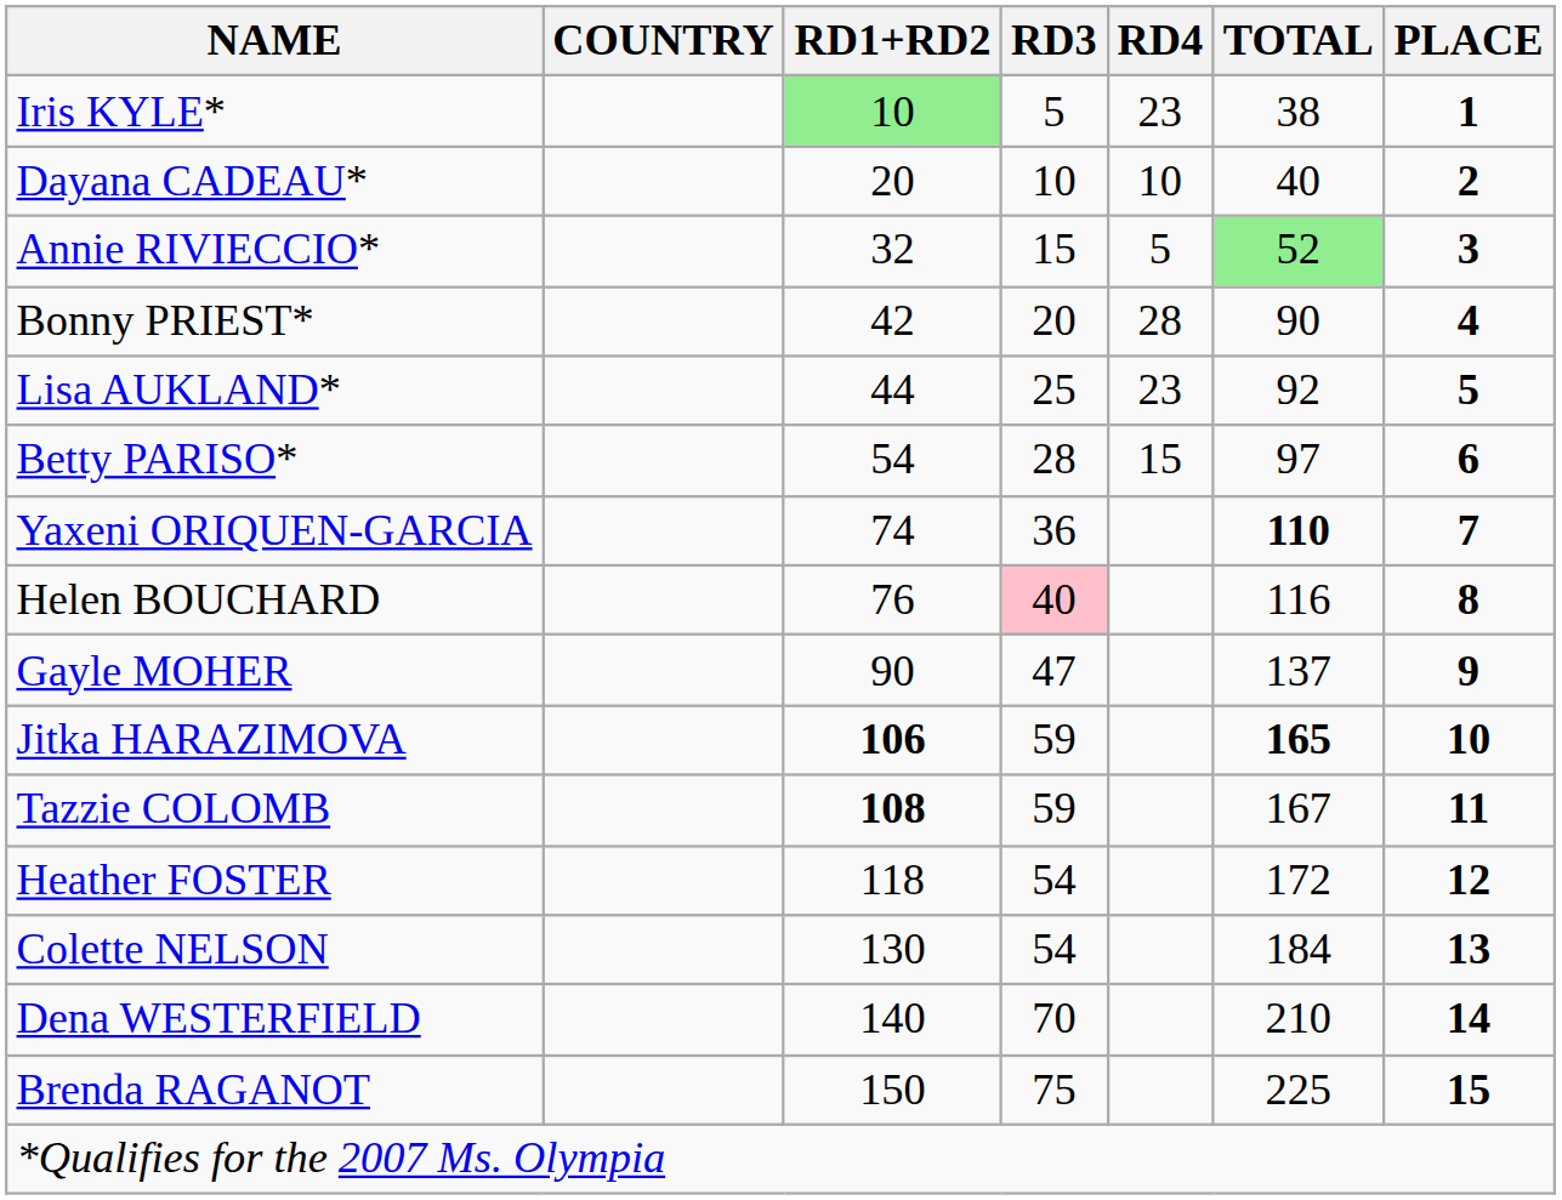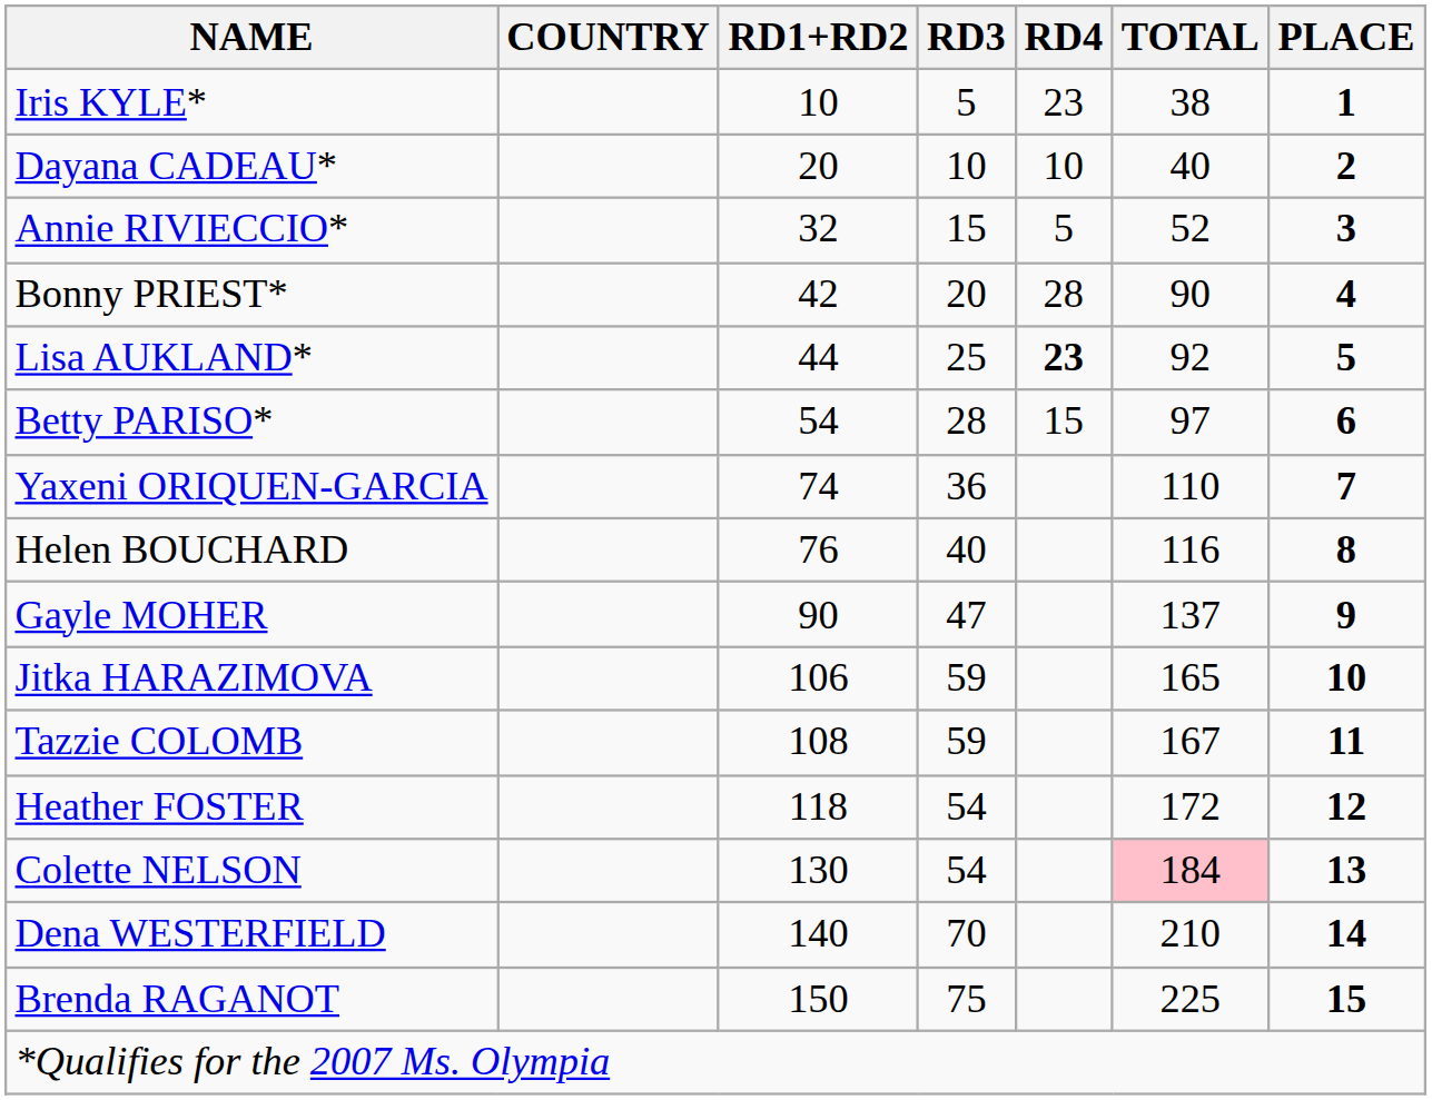 <table class="wikitable">
 <tr>
 <th>NAME</th>
 <th>COUNTRY</th>
 <th>RD1+RD2</th>
 <th>RD3</th>
 <th>RD4</th>
 <th>TOTAL</th>
 <th>PLACE</th>
 </tr>
 <tr>
 <td><a href='#'>Iris KYLE</a>*</td>
 <td></td>
-<td align="center" style="background: lightgreen;">10</td>
+<td align="center">10</td>
 <td align="center">5</td>
 <td align="center">23</td>
 <td align="center">38</td>
 <td align="center"><strong>1</strong></td>
 </tr>
 <tr>
 <td><a href='#'>Dayana CADEAU</a>*</td>
 <td></td>
 <td align="center">20</td>
 <td align="center">10</td>
 <td align="center">10</td>
 <td align="center">40</td>
 <td align="center"><strong>2</strong></td>
 </tr>
 <tr>
 <td><a href='#'>Annie RIVIECCIO</a>*</td>
 <td></td>
 <td align="center">32</td>
 <td align="center">15</td>
 <td align="center">5</td>
-<td align="center" style="background: lightgreen;">52</td>
+<td align="center">52</td>
 <td align="center"><strong>3</strong></td>
 </tr>
 <tr>
 <td>Bonny PRIEST*</td>
 <td></td>
 <td align="center">42</td>
 <td align="center">20</td>
 <td align="center">28</td>
 <td align="center">90</td>
 <td align="center"><strong>4</strong></td>
 </tr>
 <tr>
 <td><a href='#'>Lisa AUKLAND</a>*</td>
 <td></td>
 <td align="center">44</td>
 <td align="center">25</td>
-<td align="center">23</td>
+<td align="center"><strong>23</strong></td>
 <td align="center">92</td>
 <td align="center"><strong>5</strong></td>
 </tr>
 <tr>
 <td><a href='#'>Betty PARISO</a>*</td>
 <td></td>
 <td align="center">54</td>
 <td align="center">28</td>
 <td align="center">15</td>
 <td align="center">97</td>
 <td align="center"><strong>6</strong></td>
 </tr>
 <tr>
 <td><a href='#'>Yaxeni ORIQUEN-GARCIA</a></td>
 <td></td>
 <td align="center">74</td>
 <td align="center">36</td>
 <td></td>
-<td align="center"><strong>110</strong></td>
+<td align="center">110</td>
 <td align="center"><strong>7</strong></td>
 </tr>
 <tr>
 <td>Helen BOUCHARD</td>
 <td></td>
 <td align="center">76</td>
-<td align="center" style="background: pink;">40</td>
+<td align="center">40</td>
 <td></td>
 <td align="center">116</td>
 <td align="center"><strong>8</strong></td>
 </tr>
 <tr>
 <td><a href='#'>Gayle MOHER</a></td>
 <td></td>
 <td align="center">90</td>
 <td align="center">47</td>
 <td></td>
 <td align="center">137</td>
 <td align="center"><strong>9</strong></td>
 </tr>
 <tr>
 <td><a href='#'>Jitka HARAZIMOVA</a></td>
 <td></td>
-<td align="center"><strong>106</strong></td>
+<td align="center">106</td>
 <td align="center">59</td>
 <td></td>
-<td align="center"><strong>165</strong></td>
+<td align="center">165</td>
 <td align="center"><strong>10</strong></td>
 </tr>
 <tr>
 <td><a href='#'>Tazzie COLOMB</a></td>
 <td></td>
-<td align="center"><strong>108</strong></td>
+<td align="center">108</td>
 <td align="center">59</td>
 <td></td>
 <td align="center">167</td>
 <td align="center"><strong>11</strong></td>
 </tr>
 <tr>
 <td><a href='#'>Heather FOSTER</a></td>
 <td></td>
 <td align="center">118</td>
 <td align="center">54</td>
 <td></td>
 <td align="center">172</td>
 <td align="center"><strong>12</strong></td>
 </tr>
 <tr>
 <td><a href='#'>Colette NELSON</a></td>
 <td></td>
 <td align="center">130</td>
 <td align="center">54</td>
 <td></td>
-<td align="center">184</td>
+<td align="center" style="background: pink;">184</td>
 <td align="center"><strong>13</strong></td>
 </tr>
 <tr>
 <td><a href='#'>Dena WESTERFIELD</a></td>
 <td></td>
 <td align="center">140</td>
 <td align="center">70</td>
 <td></td>
 <td align="center">210</td>
 <td align="center"><strong>14</strong></td>
 </tr>
 <tr>
 <td><a href='#'>Brenda RAGANOT</a></td>
 <td></td>
 <td align="center">150</td>
 <td align="center">75</td>
 <td></td>
 <td align="center">225</td>
 <td align="center"><strong>15</strong></td>
 </tr>
 <tr>
 <td colspan="8"><em>*Qualifies for the <a href='#'>2007 Ms. Olympia</a></em></td>
 </tr>
 </table>
